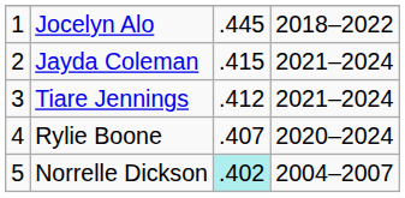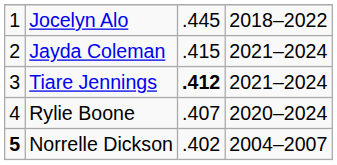 <table class="wikitable" style="font-size: 95%; text-align:left;">
 <tr>
 </tr>
 <tr>
 <td align="center">1</td>
 <td><a href='#'>Jocelyn Alo</a></td>
 <td align="center">.445</td>
 <td align="center">2018–2022</td>
 </tr>
 <tr>
 <td align="center">2</td>
 <td><a href='#'>Jayda Coleman</a></td>
 <td align="center">.415</td>
 <td>2021–2024</td>
 </tr>
 <tr>
 <td align="center">3</td>
 <td><a href='#'>Tiare Jennings</a></td>
-<td align="center">.412</td>
+<td align="center"><strong>.412</strong></td>
 <td align="center">2021–2024</td>
 </tr>
 <tr>
 <td align="center">4</td>
 <td>Rylie Boone</td>
 <td align="center">.407</td>
 <td align="center">2020–2024</td>
 </tr>
 <tr>
-<td align="center">5</td>
+<td align="center"><strong>5</strong></td>
 <td>Norrelle Dickson</td>
-<td align="center" style="background: paleturquoise;">.402</td>
+<td align="center">.402</td>
 <td align="center">2004–2007</td>
 </tr>
 </table>
